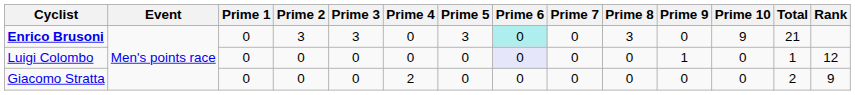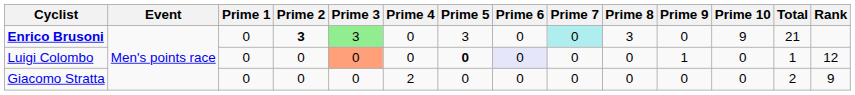 <table class=wikitable>
 <tr>
 <th>Cyclist</th>
 <th>Event</th>
 <th>Prime 1</th>
 <th>Prime 2</th>
 <th>Prime 3</th>
 <th>Prime 4</th>
 <th>Prime 5</th>
 <th>Prime 6</th>
 <th>Prime 7</th>
 <th>Prime 8</th>
 <th>Prime 9</th>
 <th>Prime 10</th>
 <th>Total</th>
 <th>Rank</th>
 </tr>
 <tr align=center>
 <td align=left><strong><a href='#'>Enrico Brusoni</a></strong></td>
 <td rowspan=3><a href='#'>Men's points race</a></td>
 <td>0</td>
-<td>3</td>
+<td><strong>3</strong></td>
+<td style="background: lightgreen;">3</td>
+<td>0</td>
 <td>3</td>
 <td>0</td>
-<td>3</td>
 <td style="background: paleturquoise;">0</td>
-<td>0</td>
 <td>3</td>
 <td>0</td>
 <td>9</td>
 <td>21</td>
 <td></td>
 </tr>
 <tr align=center>
 <td align=left><a href='#'>Luigi Colombo</a></td>
 <td>0</td>
 <td>0</td>
+<td style="background: lightsalmon;">0</td>
 <td>0</td>
-<td>0</td>
-<td>0</td>
+<td><strong>0</strong></td>
 <td style="background: lavender;">0</td>
 <td>0</td>
 <td>0</td>
 <td>1</td>
 <td>0</td>
 <td>1</td>
 <td>12</td>
 </tr>
 <tr align=center>
 <td align=left><a href='#'>Giacomo Stratta</a></td>
 <td>0</td>
 <td>0</td>
 <td>0</td>
 <td>2</td>
 <td>0</td>
 <td>0</td>
 <td>0</td>
 <td>0</td>
 <td>0</td>
 <td>0</td>
 <td>2</td>
 <td>9</td>
 </tr>
 </table>
